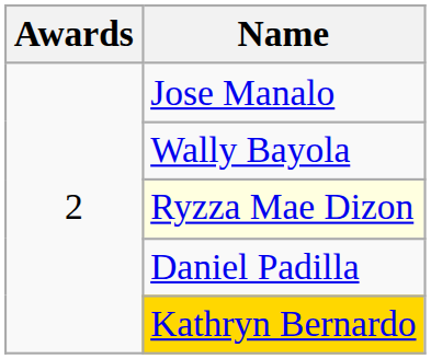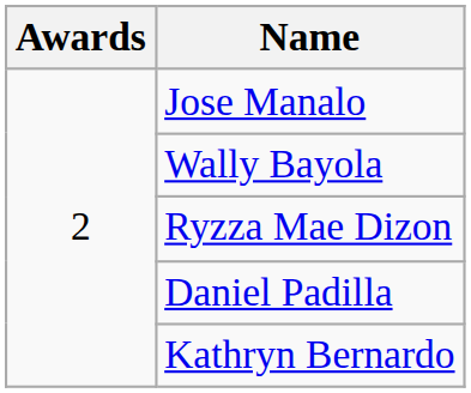 <table class="wikitable" style="text-align:center">
 <tr>
 <th scope="col">Awards</th>
 <th scope="col">Name</th>
 </tr>
 <tr>
 <td rowspan=5>2</td>
 <td align=left><a href='#'>Jose Manalo</a></td>
 </tr>
 <tr>
 <td align=left><a href='#'>Wally Bayola</a></td>
 </tr>
 <tr>
-<td align=left style="background: lightyellow;"><a href='#'>Ryzza Mae Dizon</a></td>
+<td align=left><a href='#'>Ryzza Mae Dizon</a></td>
 </tr>
 <tr>
 <td align=left><a href='#'>Daniel Padilla</a></td>
 </tr>
 <tr>
-<td align=left style="background: gold;"><a href='#'>Kathryn Bernardo</a></td>
+<td align=left><a href='#'>Kathryn Bernardo</a></td>
 </tr>
 </table>
